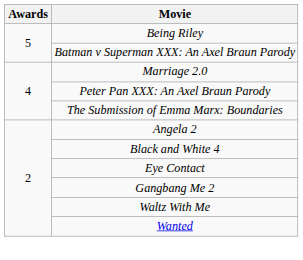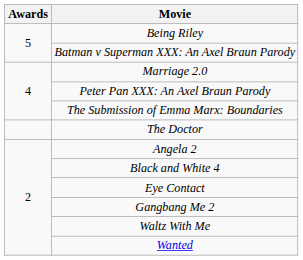 <table class="wikitable" style="text-align: center">
 <tr>
 <th scope="col" width="55">Awards</th>
 <th scope="col" align="center">Movie</th>
 </tr>
 <tr>
 <td rowspan=2 style="text-align:center">5</td>
 <td><em>Being Riley</em></td>
 </tr>
 <tr>
 <td><em>Batman v Superman XXX: An Axel Braun Parody</em></td>
 </tr>
 <tr>
 <td rowspan=3 style="text-align:center">4</td>
 <td><em>Marriage 2.0</em></td>
 </tr>
 <tr>
 <td><em>Peter Pan XXX: An Axel Braun Parody</em></td>
 </tr>
 <tr>
 <td><em>The Submission of Emma Marx: Boundaries</em></td>
 </tr>
 <tr>
+<td></td>
+<td><em>The Doctor</em></td>
+</tr>
+<tr>
 <td rowspan=6 style="text-align:center">2</td>
 <td><em>Angela 2</em></td>
 </tr>
 <tr>
 <td><em>Black and White 4</em></td>
 </tr>
 <tr>
 <td><em>Eye Contact</em></td>
 </tr>
 <tr>
 <td><em>Gangbang Me 2</em></td>
 </tr>
 <tr>
 <td><em>Waltz With Me</em></td>
 </tr>
 <tr>
 <td><em><a href='#'>Wanted</a></em></td>
 </tr>
 </table>
